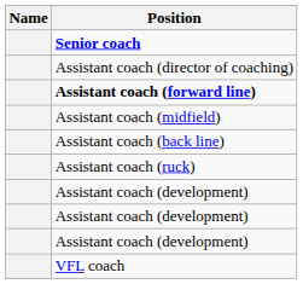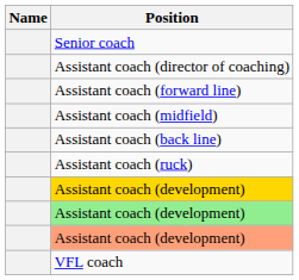 <table class="wikitable plainrowheaders sortable">
 <tr>
 <th scope="col">Name</th>
 <th scope="col">Position</th>
 </tr>
 <tr>
 <th scope="row"></th>
-<td><strong><a href='#'>Senior coach</a></strong></td>
+<td><a href='#'>Senior coach</a></td>
 </tr>
 <tr>
 <th scope="row"></th>
 <td>Assistant coach (director of coaching)</td>
 </tr>
 <tr>
 <th scope="row"></th>
-<td><strong>Assistant coach (<a href='#'>forward line</a>)</strong></td>
+<td>Assistant coach (<a href='#'>forward line</a>)</td>
 </tr>
 <tr>
 <th scope="row"></th>
 <td>Assistant coach (<a href='#'>midfield</a>)</td>
 </tr>
 <tr>
 <th scope="row"></th>
 <td>Assistant coach (<a href='#'>back line</a>)</td>
 </tr>
 <tr>
 <th scope="row"></th>
 <td>Assistant coach (<a href='#'>ruck</a>)</td>
 </tr>
 <tr>
 <th scope="row"></th>
-<td>Assistant coach (development)</td>
+<td style="background: gold;">Assistant coach (development)</td>
 </tr>
 <tr>
 <th scope="row"></th>
-<td>Assistant coach (development)</td>
+<td style="background: lightgreen;">Assistant coach (development)</td>
 </tr>
 <tr>
 <th scope="row"></th>
-<td>Assistant coach (development)</td>
+<td style="background: lightsalmon;">Assistant coach (development)</td>
 </tr>
 <tr>
 <th scope="row"></th>
 <td><a href='#'>VFL</a> coach</td>
 </tr>
 </table>
